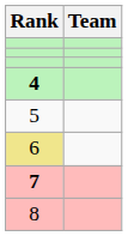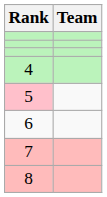 <table class=wikitable style="text-align:center;">
 <tr>
 <th>Rank</th>
 <th>Team</th>
 </tr>
 <tr bgcolor=bbf3bb>
 <td></td>
 <td align=left></td>
 </tr>
 <tr bgcolor=bbf3bb>
 <td></td>
 <td align=left></td>
 </tr>
 <tr bgcolor=bbf3bb>
 <td></td>
 <td align=left></td>
 </tr>
 <tr bgcolor=bbf3bb>
-<td><strong>4</strong></td>
+<td>4</td>
 <td align=left></td>
 </tr>
 <tr>
-<td>5</td>
+<td style="background: pink;">5</td>
 <td align=left></td>
 </tr>
 <tr>
-<td style="background: khaki;">6</td>
+<td>6</td>
 <td align=left></td>
 </tr>
 <tr bgcolor=ffbbbb>
-<td><strong>7</strong></td>
+<td>7</td>
 <td align=left></td>
 </tr>
 <tr bgcolor=ffbbbb>
 <td>8</td>
 <td align=left></td>
 </tr>
 </table>
